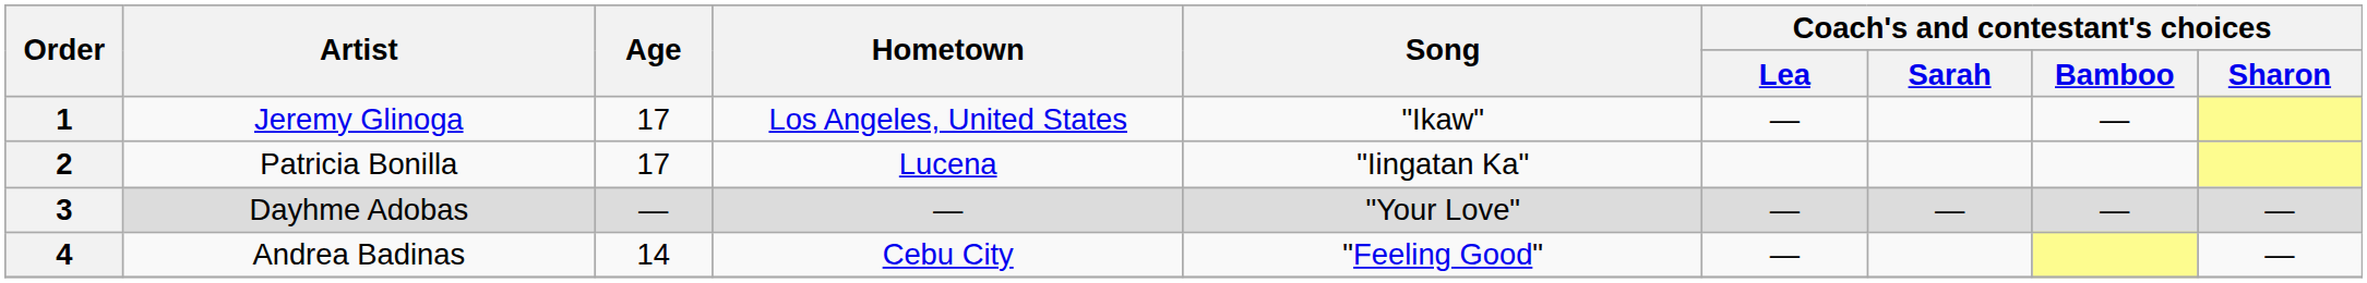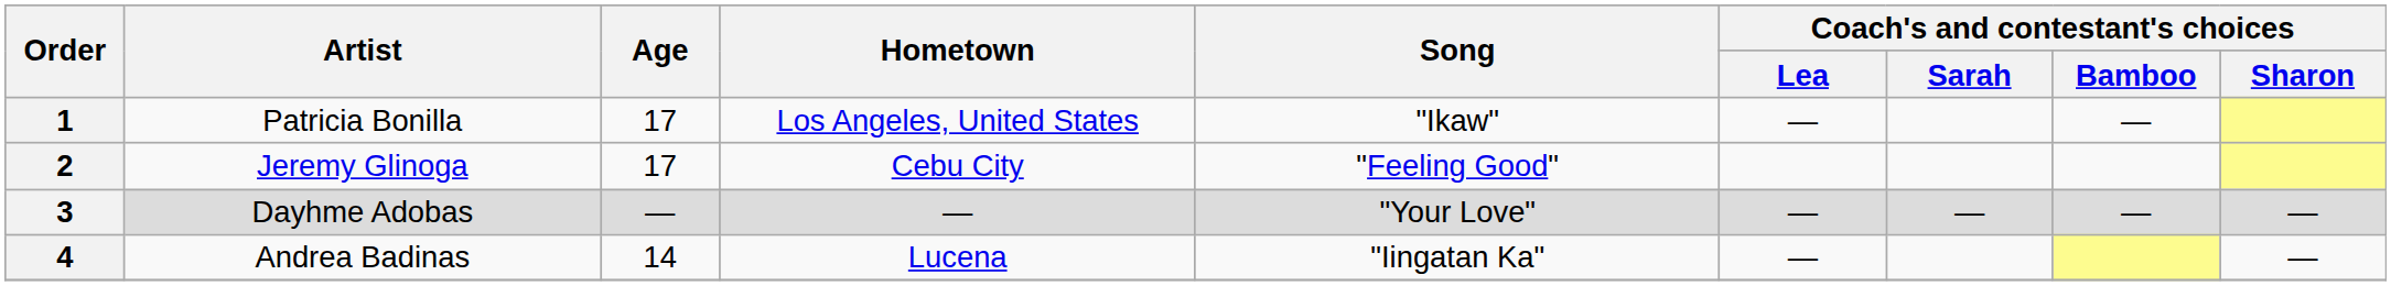 <table class="wikitable" style="text-align:center; line-height:17px;width:100%;">
 <tr>
 <th scope="col" rowspan="2" width="05%">Order</th>
 <th scope="col" rowspan="2" width="20%">Artist</th>
 <th scope="col" rowspan="2" width="05%">Age</th>
 <th scope="col" rowspan="2" width="20%">Hometown</th>
 <th scope="col" rowspan="2" width="22%">Song</th>
 <th scope="col" colspan="4" width="28%">Coach's and contestant's choices</th>
 </tr>
 <tr>
 <th width="07%"><a href='#'>Lea</a></th>
 <th width="07%"><a href='#'>Sarah</a></th>
 <th width="07%"><a href='#'>Bamboo</a></th>
 <th width="07%"><a href='#'>Sharon</a></th>
 </tr>
 <tr>
 <th>1</th>
-<td><a href='#'>Jeremy Glinoga</a></td>
+<td>Patricia Bonilla</td>
 <td>17</td>
 <td><a href='#'>Los Angeles, United States</a></td>
 <td>"Ikaw"</td>
 <td>—</td>
 <td><strong></strong></td>
 <td>—</td>
 <td style="background:#fdfc8f;"><strong></strong></td>
 </tr>
 <tr>
 <th>2</th>
-<td>Patricia Bonilla</td>
+<td><a href='#'>Jeremy Glinoga</a></td>
 <td>17</td>
-<td><a href='#'>Lucena</a></td>
-<td>"Iingatan Ka"</td>
+<td><a href='#'>Cebu City</a></td>
+<td>"<a href='#'>Feeling Good</a>"</td>
 <td><strong></strong></td>
 <td><strong></strong></td>
 <td><strong></strong></td>
 <td style="background:#fdfc8f;"><strong></strong></td>
 </tr>
 <tr>
 <th>3</th>
 <td style="background:#DCDCDC;">Dayhme Adobas</td>
 <td style="background:#DCDCDC;">—</td>
 <td style="background:#DCDCDC;">—</td>
 <td style="background:#DCDCDC;">"Your Love"</td>
 <td style="background:#DCDCDC;">—</td>
 <td style="background:#DCDCDC;">—</td>
 <td style="background:#DCDCDC;">—</td>
 <td style="background:#DCDCDC;">—</td>
 </tr>
 <tr>
 <th>4</th>
 <td>Andrea Badinas</td>
 <td>14</td>
-<td><a href='#'>Cebu City</a></td>
-<td>"<a href='#'>Feeling Good</a>"</td>
+<td><a href='#'>Lucena</a></td>
+<td>"Iingatan Ka"</td>
 <td>—</td>
 <td><strong></strong></td>
 <td style="background:#fdfc8f;"><strong></strong></td>
 <td>—</td>
 </tr>
 <tr>
 </tr>
 </table>
